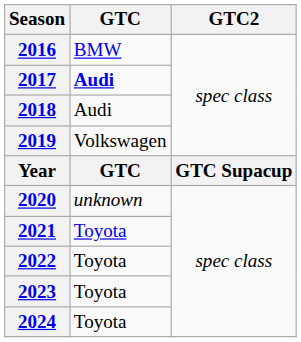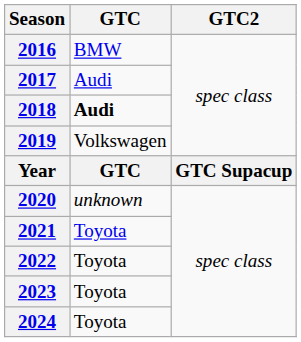 <table class="wikitable" style="font-size:100%">
 <tr>
 <th>Season</th>
 <th>GTC</th>
 <th>GTC2</th>
 </tr>
 <tr>
 <th><a href='#'>2016</a></th>
 <td><a href='#'>BMW</a></td>
 <td rowspan=4 align=center><em>spec class</em></td>
 </tr>
 <tr>
 <th><a href='#'>2017</a></th>
-<td><strong><a href='#'>Audi</a></strong></td>
+<td><a href='#'>Audi</a></td>
 </tr>
 <tr>
 <th><a href='#'>2018</a></th>
-<td>Audi</td>
+<td><strong>Audi</strong></td>
 </tr>
 <tr>
 <th><a href='#'>2019</a></th>
 <td>Volkswagen</td>
 </tr>
 <tr>
 <th>Year</th>
 <th>GTC</th>
 <th>GTC Supacup</th>
 </tr>
 <tr>
 <th><a href='#'>2020</a></th>
 <td><em>unknown</em></td>
 <td rowspan="5" align="center"><em>spec class</em></td>
 </tr>
 <tr>
 <th><a href='#'>2021</a></th>
 <td><a href='#'>Toyota</a></td>
 </tr>
 <tr>
 <th><a href='#'>2022</a></th>
 <td>Toyota</td>
 </tr>
 <tr>
 <th><a href='#'>2023</a></th>
 <td>Toyota</td>
 </tr>
 <tr>
 <th><a href='#'>2024</a></th>
 <td>Toyota</td>
 </tr>
 </table>
